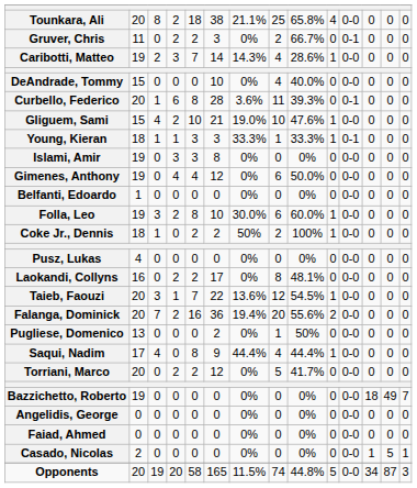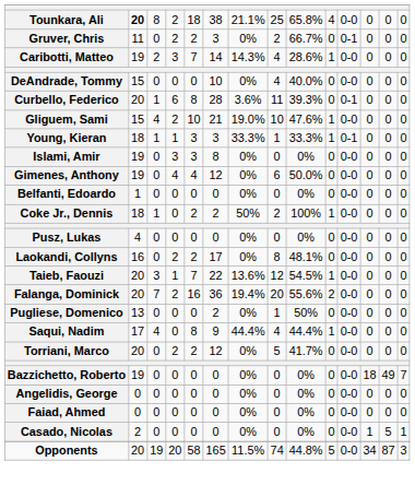 <table class="wikitable sortable" border="1" style="text-align:center">
 <tr>
 </tr>
 <tr>
 <th colspan="14"></th>
 </tr>
 <tr>
 <th style=white-space:nowrap>Tounkara, Ali</th>
-<td>20</td>
+<td><strong>20</strong></td>
 <td>8</td>
 <td>2</td>
 <td>18</td>
 <td>38</td>
 <td>21.1%</td>
 <td>25</td>
 <td>65.8%</td>
 <td>4</td>
 <td>0-0</td>
 <td>0</td>
 <td>0</td>
 <td>0</td>
 </tr>
 <tr>
 <th style=white-space:nowrap>Gruver, Chris</th>
 <td>11</td>
 <td>0</td>
 <td>2</td>
 <td>2</td>
 <td>3</td>
 <td>0%</td>
 <td>2</td>
 <td>66.7%</td>
 <td>0</td>
 <td>0-1</td>
 <td>0</td>
 <td>0</td>
 <td>0</td>
 </tr>
 <tr>
 <th style=white-space:nowrap>Caribotti, Matteo</th>
 <td>19</td>
 <td>2</td>
 <td>3</td>
 <td>7</td>
 <td>14</td>
 <td>14.3%</td>
 <td>4</td>
 <td>28.6%</td>
 <td>1</td>
 <td>0-0</td>
 <td>0</td>
 <td>0</td>
 <td>0</td>
 </tr>
 <tr>
 <th colspan="14"><a href='#'></a></th>
 </tr>
 <tr>
 <th style=white-space:nowrap>DeAndrade, Tommy</th>
 <td>15</td>
 <td>0</td>
 <td>0</td>
 <td>0</td>
 <td>10</td>
 <td>0%</td>
 <td>4</td>
 <td>40.0%</td>
 <td>0</td>
 <td>0-0</td>
 <td>0</td>
 <td>0</td>
 <td>0</td>
 </tr>
 <tr>
 <th style=white-space:nowrap>Curbello, Federico</th>
 <td>20</td>
 <td>1</td>
 <td>6</td>
 <td>8</td>
 <td>28</td>
 <td>3.6%</td>
 <td>11</td>
 <td>39.3%</td>
 <td>0</td>
 <td>0-1</td>
 <td>0</td>
 <td>0</td>
 <td>0</td>
 </tr>
 <tr>
 <th style=white-space:nowrap>Gliguem, Sami</th>
 <td>15</td>
 <td>4</td>
 <td>2</td>
 <td>10</td>
 <td>21</td>
 <td>19.0%</td>
 <td>10</td>
 <td>47.6%</td>
 <td>1</td>
 <td>0-0</td>
 <td>0</td>
 <td>0</td>
 <td>0</td>
 </tr>
 <tr>
 <th style=white-space:nowrap>Young, Kieran</th>
 <td>18</td>
 <td>1</td>
 <td>1</td>
 <td>3</td>
 <td>3</td>
 <td>33.3%</td>
 <td>1</td>
 <td>33.3%</td>
 <td>1</td>
 <td>0-1</td>
 <td>0</td>
 <td>0</td>
 <td>0</td>
 </tr>
 <tr>
 <th style=white-space:nowrap>Islami, Amir</th>
 <td>19</td>
 <td>0</td>
 <td>3</td>
 <td>3</td>
 <td>8</td>
 <td>0%</td>
 <td>0</td>
 <td>0%</td>
 <td>0</td>
 <td>0-0</td>
 <td>0</td>
 <td>0</td>
 <td>0</td>
 </tr>
 <tr>
 <th style=white-space:nowrap>Gimenes, Anthony</th>
 <td>19</td>
 <td>0</td>
 <td>4</td>
 <td>4</td>
 <td>12</td>
 <td>0%</td>
 <td>6</td>
 <td>50.0%</td>
 <td>0</td>
 <td>0-0</td>
 <td>0</td>
 <td>0</td>
 <td>0</td>
 </tr>
 <tr>
 <th style=white-space:nowrap>Belfanti, Edoardo</th>
 <td>1</td>
 <td>0</td>
 <td>0</td>
 <td>0</td>
 <td>0</td>
 <td>0%</td>
 <td>0</td>
 <td>0%</td>
 <td>0</td>
-<td>0-0</td>
-<td>0</td>
-<td>0</td>
-<td>0</td>
-</tr>
-<tr>
-<th style=white-space:nowrap>Folla, Leo</th>
-<td>19</td>
-<td>3</td>
-<td>2</td>
-<td>8</td>
-<td>10</td>
-<td>30.0%</td>
-<td>6</td>
-<td>60.0%</td>
-<td>1</td>
 <td>0-0</td>
 <td>0</td>
 <td>0</td>
 <td>0</td>
 </tr>
 <tr>
 <th style=white-space:nowrap>Coke Jr., Dennis</th>
 <td>18</td>
 <td>1</td>
 <td>0</td>
 <td>2</td>
 <td>2</td>
 <td>50%</td>
 <td>2</td>
 <td>100%</td>
 <td>1</td>
 <td>0-0</td>
 <td>0</td>
 <td>0</td>
 <td>0</td>
 </tr>
 <tr>
 <th colspan="14"><a href='#'></a></th>
 </tr>
 <tr>
 <th style=white-space:nowrap>Pusz, Lukas</th>
 <td>4</td>
 <td>0</td>
 <td>0</td>
 <td>0</td>
 <td>0</td>
 <td>0%</td>
 <td>0</td>
 <td>0%</td>
 <td>0</td>
 <td>0-0</td>
 <td>0</td>
 <td>0</td>
 <td>0</td>
 </tr>
 <tr>
 <th style=white-space:nowrap>Laokandi, Collyns</th>
 <td>16</td>
 <td>0</td>
 <td>2</td>
 <td>2</td>
 <td>17</td>
 <td>0%</td>
 <td>8</td>
 <td>48.1%</td>
 <td>0</td>
 <td>0-0</td>
 <td>0</td>
 <td>0</td>
 <td>0</td>
 </tr>
 <tr>
 <th style=white-space:nowrap>Taieb, Faouzi</th>
 <td>20</td>
 <td>3</td>
 <td>1</td>
 <td>7</td>
 <td>22</td>
 <td>13.6%</td>
 <td>12</td>
 <td>54.5%</td>
 <td>1</td>
 <td>0-0</td>
 <td>0</td>
 <td>0</td>
 <td>0</td>
 </tr>
 <tr>
 <th style=white-space:nowrap>Falanga, Dominick</th>
 <td>20</td>
 <td>7</td>
 <td>2</td>
 <td>16</td>
 <td>36</td>
 <td>19.4%</td>
 <td>20</td>
 <td>55.6%</td>
 <td>2</td>
 <td>0-0</td>
 <td>0</td>
 <td>0</td>
 <td>0</td>
 </tr>
 <tr>
 <th style=white-space:nowrap>Pugliese, Domenico</th>
 <td>13</td>
 <td>0</td>
 <td>0</td>
 <td>0</td>
 <td>2</td>
 <td>0%</td>
 <td>1</td>
 <td>50%</td>
 <td>0</td>
 <td>0-0</td>
 <td>0</td>
 <td>0</td>
 <td>0</td>
 </tr>
 <tr>
 <th style=white-space:nowrap>Saqui, Nadim</th>
 <td>17</td>
 <td>4</td>
 <td>0</td>
 <td>8</td>
 <td>9</td>
 <td>44.4%</td>
 <td>4</td>
 <td>44.4%</td>
 <td>1</td>
 <td>0-0</td>
 <td>0</td>
 <td>0</td>
 <td>0</td>
 </tr>
 <tr>
 <th style=white-space:nowrap>Torriani, Marco</th>
 <td>20</td>
 <td>0</td>
 <td>2</td>
 <td>2</td>
 <td>12</td>
 <td>0%</td>
 <td>5</td>
 <td>41.7%</td>
 <td>0</td>
 <td>0-0</td>
 <td>0</td>
 <td>0</td>
 <td>0</td>
 </tr>
 <tr>
 <th colspan="14"><a href='#'></a></th>
 </tr>
 <tr>
 <th style=white-space:nowrap>Bazzichetto, Roberto</th>
 <td>19</td>
 <td>0</td>
 <td>0</td>
 <td>0</td>
 <td>0</td>
 <td>0%</td>
 <td>0</td>
 <td>0%</td>
 <td>0</td>
 <td>0-0</td>
 <td>18</td>
 <td>49</td>
 <td>7</td>
 </tr>
 <tr>
 <th style=white-space:nowrap>Angelidis, George</th>
 <td>0</td>
 <td>0</td>
 <td>0</td>
 <td>0</td>
 <td>0</td>
 <td>0%</td>
 <td>0</td>
 <td>0%</td>
 <td>0</td>
 <td>0-0</td>
 <td>0</td>
 <td>0</td>
 <td>0</td>
 </tr>
 <tr>
 <th style=white-space:nowrap>Faiad, Ahmed</th>
 <td>0</td>
 <td>0</td>
 <td>0</td>
 <td>0</td>
 <td>0</td>
 <td>0%</td>
 <td>0</td>
 <td>0%</td>
 <td>0</td>
 <td>0-0</td>
 <td>0</td>
 <td>0</td>
 <td>0</td>
 </tr>
 <tr>
 <th style=white-space:nowrap>Casado, Nicolas</th>
 <td>2</td>
 <td>0</td>
 <td>0</td>
 <td>0</td>
 <td>0</td>
 <td>0%</td>
 <td>0</td>
 <td>0%</td>
 <td>0</td>
 <td>0-0</td>
 <td>1</td>
 <td>5</td>
 <td>1</td>
 </tr>
 <tr style="text-align:center">
 </tr>
 <tr class="sortbottom">
 <td align="center"><strong>Opponents</strong></td>
 <td align="center">20</td>
 <td align="center">19</td>
 <td align="center">20</td>
 <td align="center">58</td>
 <td align="center">165</td>
 <td align="center">11.5%</td>
 <td align="center">74</td>
 <td align="center">44.8%</td>
 <td align="center">5</td>
 <td align="center">0-0</td>
 <td align="center">34</td>
 <td align="center">87</td>
 <td align="center">3</td>
 </tr>
 </table>
